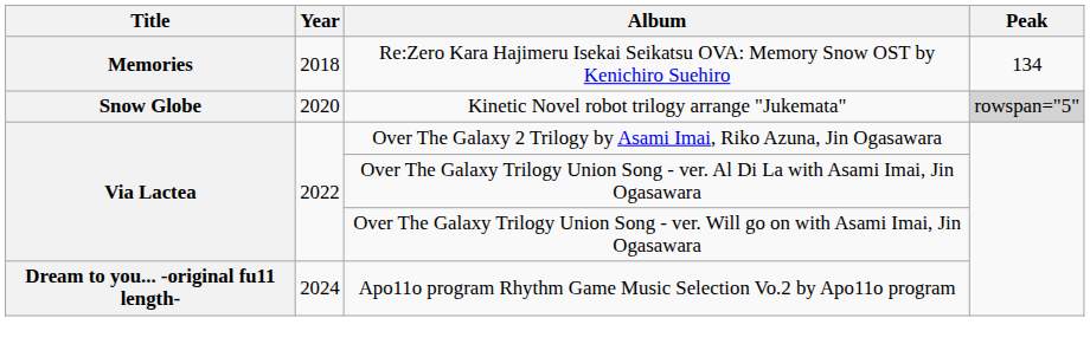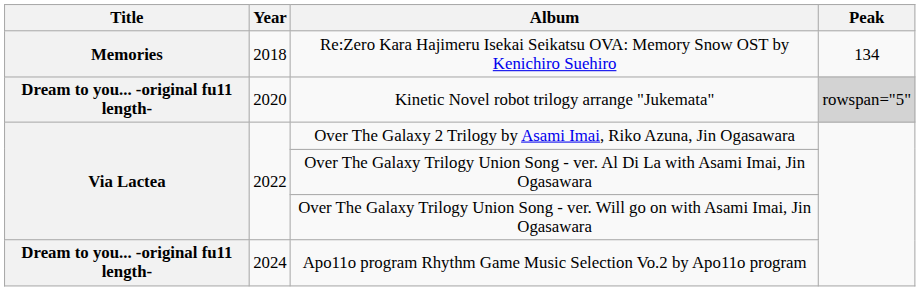 <table class="wikitable plainrowheaders" style="text-align:center;">
 <tr>
 <th scope="col">Title</th>
 <th scope="col">Year</th>
 <th scope="col">Album</th>
 <th scope="col">Peak</th>
 </tr>
 <tr>
 <th scope="row">Memories</th>
 <td>2018</td>
 <td>Re:Zero Kara Hajimeru Isekai Seikatsu OVA: Memory Snow OST by <a href='#'>Kenichiro Suehiro</a></td>
 <td>134</td>
 </tr>
 <tr>
-<th scope="row">Snow Globe</th>
+<th scope="row">Dream to you... -original fu11 length-</th>
 <td>2020</td>
 <td>Kinetic Novel robot trilogy arrange "Jukemata"</td>
 <td style="background: lightgrey;">rowspan="5" </td>
 </tr>
 <tr>
 <th scope="row" rowspan="3">Via Lactea</th>
 <td rowspan="3">2022</td>
 <td>Over The Galaxy 2 Trilogy by <a href='#'>Asami Imai</a>, Riko Azuna, Jin Ogasawara</td>
 </tr>
 <tr>
 <td>Over The Galaxy Trilogy Union Song - ver. Al Di La with Asami Imai, Jin Ogasawara</td>
 </tr>
 <tr>
 <td>Over The Galaxy Trilogy Union Song - ver. Will go on with Asami Imai, Jin Ogasawara</td>
 </tr>
 <tr>
 <th scope="row">Dream to you... -original fu11 length-</th>
 <td>2024</td>
 <td>Apo11o program Rhythm Game Music Selection Vo.2 by Apo11o program</td>
 </tr>
 </table>
